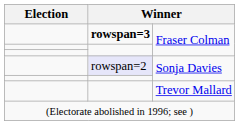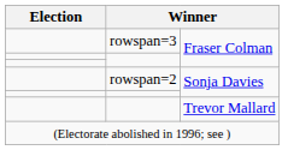 <table class=wikitable>
 <tr>
 <th width=100>Election</th>
 <th width=175 colspan=2>Winner</th>
 </tr>
 <tr>
 <td></td>
-<td><strong>rowspan=3 </strong></td>
+<td>rowspan=3 </td>
 <td rowspan=3><a href='#'>Fraser Colman</a></td>
 </tr>
 <tr>
 <td></td>
 </tr>
 <tr>
 <td></td>
 </tr>
 <tr>
 <td></td>
-<td style="background: lavender;">rowspan=2 </td>
+<td>rowspan=2 </td>
 <td rowspan=2><a href='#'>Sonja Davies</a></td>
 </tr>
 <tr>
 <td></td>
 </tr>
 <tr>
 <td></td>
 <td></td>
 <td><a href='#'>Trevor Mallard</a></td>
 </tr>
 <tr>
 <td colspan=3 align=center><small>(Electorate abolished in 1996; see )</small></td>
 </tr>
 </table>
